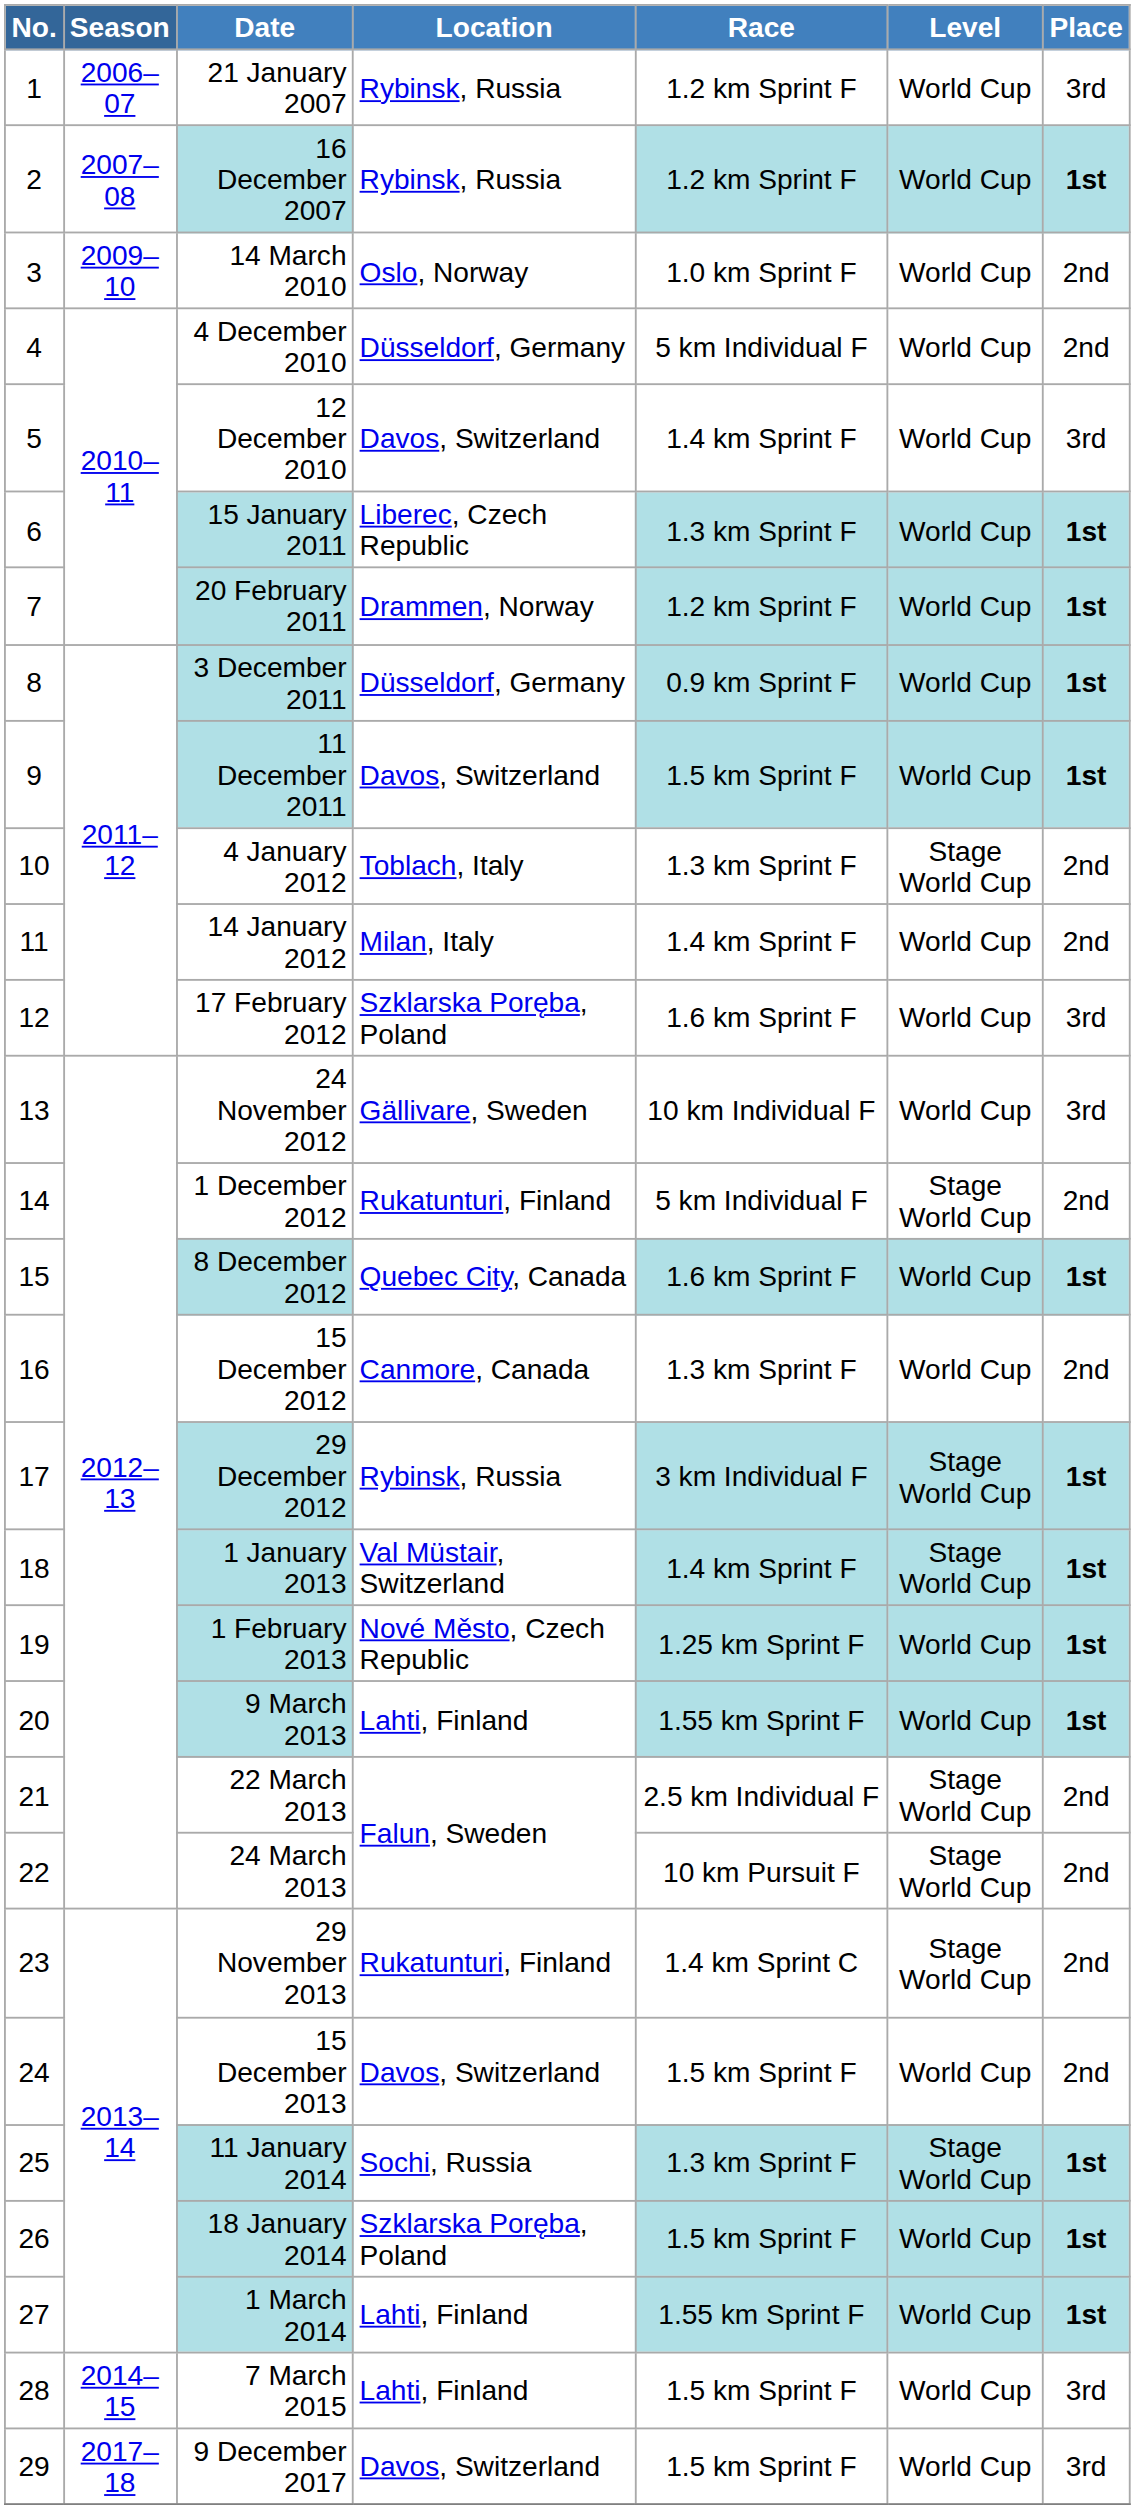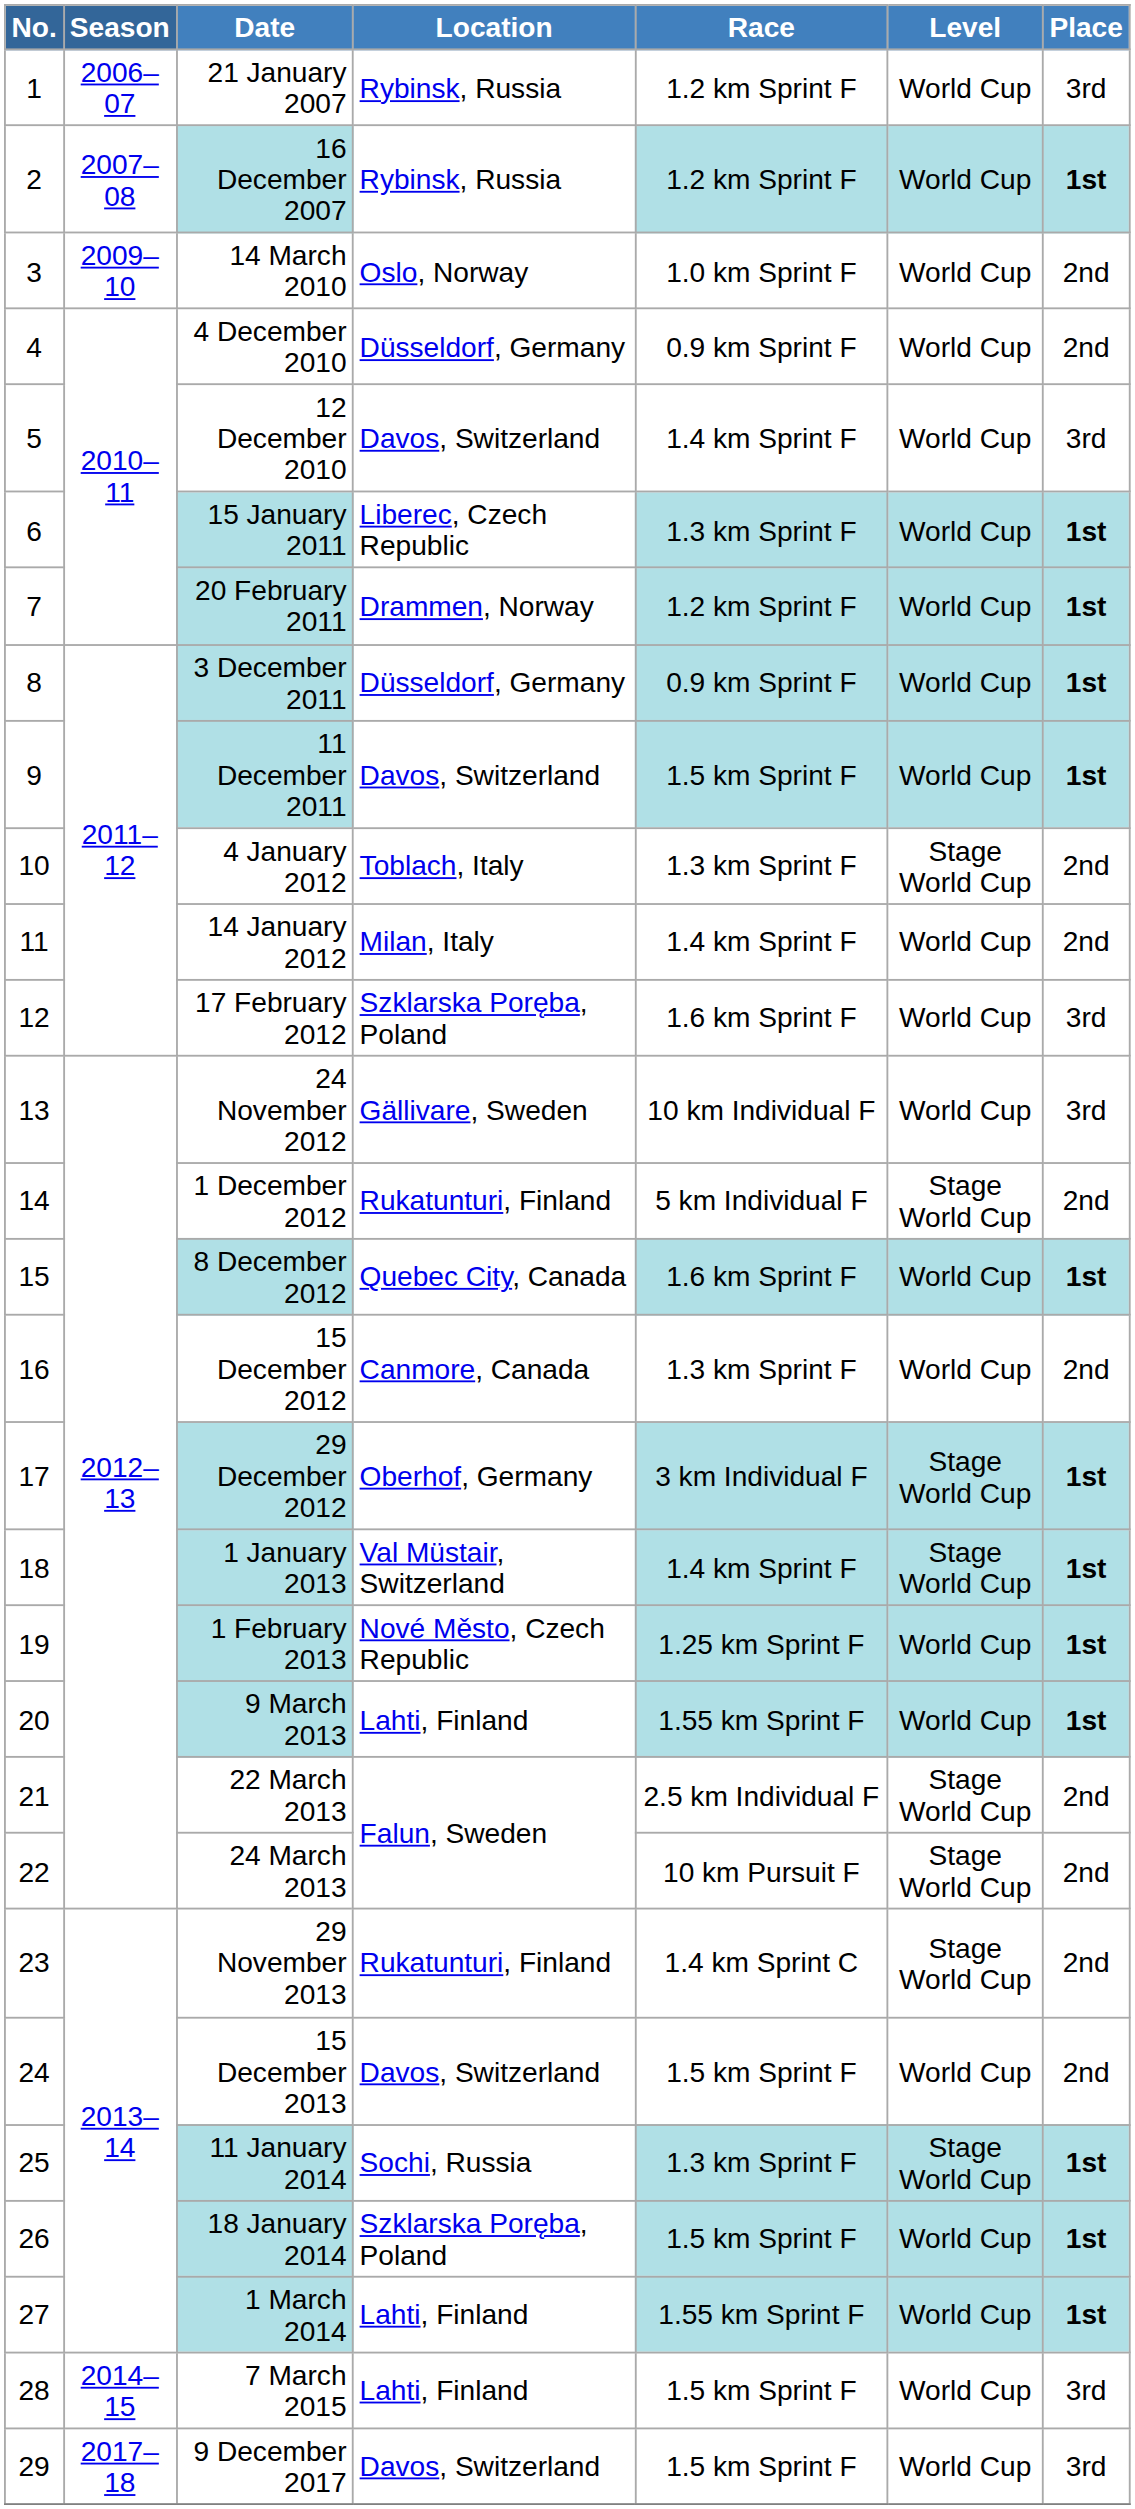 <table class="wikitable sortable" style="font-size:95%; text-align:center; border:grey solid 1px; border-collapse:collapse; background:#ffffff;">
 <tr style="background:#efefef;">
 <th style="background-color:#369; color:white;">No.</th>
 <th style="background-color:#369; color:white;">Season</th>
 <th style="background-color:#4180be; color:white; width:100px;">Date</th>
 <th style="background-color:#4180be; color:white; width:185px;">Location</th>
 <th style="background-color:#4180be; color:white; width:170px;">Race</th>
 <th style="background-color:#4180be; color:white; width:100px;">Level</th>
 <th style="background-color:#4180be; color:white;">Place</th>
 </tr>
 <tr>
 <td align=center>1</td>
 <td rowspan=1 align=center><a href='#'>2006–07</a></td>
 <td align=right>21 January 2007</td>
 <td align=left> <a href='#'>Rybinsk</a>, Russia</td>
 <td>1.2 km Sprint F</td>
 <td>World Cup</td>
 <td>3rd</td>
 </tr>
 <tr>
 <td align=center>2</td>
 <td rowspan=1 align=center><a href='#'>2007–08</a></td>
 <td bgcolor="#BOEOE6" align=right>16 December 2007</td>
 <td align=left> <a href='#'>Rybinsk</a>, Russia</td>
 <td bgcolor="#BOEOE6">1.2 km Sprint F</td>
 <td bgcolor="#BOEOE6">World Cup</td>
 <td bgcolor="#BOEOE6"><strong>1st</strong></td>
 </tr>
 <tr>
 <td align=center>3</td>
 <td rowspan=1 align=center><a href='#'>2009–10</a></td>
 <td align=right>14 March 2010</td>
 <td align=left> <a href='#'>Oslo</a>, Norway</td>
 <td>1.0 km Sprint F</td>
 <td>World Cup</td>
 <td>2nd</td>
 </tr>
 <tr>
 <td align=center>4</td>
 <td rowspan=4 align=center><a href='#'>2010–11</a></td>
 <td align=right>4 December 2010</td>
 <td align=left> <a href='#'>Düsseldorf</a>, Germany</td>
-<td>5 km Individual F</td>
+<td>0.9 km Sprint F</td>
 <td>World Cup</td>
 <td>2nd</td>
 </tr>
 <tr>
 <td align=center>5</td>
 <td align=right>12 December 2010</td>
 <td align=left> <a href='#'>Davos</a>, Switzerland</td>
 <td>1.4 km Sprint F</td>
 <td>World Cup</td>
 <td>3rd</td>
 </tr>
 <tr>
 <td align=center>6</td>
 <td bgcolor="#BOEOE6" align=right>15 January 2011</td>
 <td align=left> <a href='#'>Liberec</a>, Czech Republic</td>
 <td bgcolor="#BOEOE6">1.3 km Sprint F</td>
 <td bgcolor="#BOEOE6">World Cup</td>
 <td bgcolor="#BOEOE6"><strong>1st</strong></td>
 </tr>
 <tr>
 <td align=center>7</td>
 <td bgcolor="#BOEOE6" align=right>20 February 2011</td>
 <td align=left> <a href='#'>Drammen</a>, Norway</td>
 <td bgcolor="#BOEOE6">1.2 km Sprint F</td>
 <td bgcolor="#BOEOE6">World Cup</td>
 <td bgcolor="#BOEOE6"><strong>1st</strong></td>
 </tr>
 <tr>
 <td align=center>8</td>
 <td rowspan=5 align=center><a href='#'>2011–12</a></td>
 <td bgcolor="#BOEOE6" align=right>3 December 2011</td>
 <td align=left> <a href='#'>Düsseldorf</a>, Germany</td>
 <td bgcolor="#BOEOE6">0.9 km Sprint F</td>
 <td bgcolor="#BOEOE6">World Cup</td>
 <td bgcolor="#BOEOE6"><strong>1st</strong></td>
 </tr>
 <tr>
 <td align=center>9</td>
 <td bgcolor="#BOEOE6" align=right>11 December 2011</td>
 <td align=left> <a href='#'>Davos</a>, Switzerland</td>
 <td bgcolor="#BOEOE6">1.5 km Sprint F</td>
 <td bgcolor="#BOEOE6">World Cup</td>
 <td bgcolor="#BOEOE6"><strong>1st</strong></td>
 </tr>
 <tr>
 <td align=center>10</td>
 <td align=right>4 January 2012</td>
 <td align=left> <a href='#'>Toblach</a>, Italy</td>
 <td>1.3 km Sprint F</td>
 <td>Stage World Cup</td>
 <td>2nd</td>
 </tr>
 <tr>
 <td align=center>11</td>
 <td align=right>14 January 2012</td>
 <td align=left> <a href='#'>Milan</a>, Italy</td>
 <td>1.4 km Sprint F</td>
 <td>World Cup</td>
 <td>2nd</td>
 </tr>
 <tr>
 <td align=center>12</td>
 <td align=right>17 February 2012</td>
 <td align=left> <a href='#'>Szklarska Poręba</a>, Poland</td>
 <td>1.6 km Sprint F</td>
 <td>World Cup</td>
 <td>3rd</td>
 </tr>
 <tr>
 <td align=center>13</td>
 <td rowspan=10 align=center><a href='#'>2012–13</a></td>
 <td align=right>24 November 2012</td>
 <td align=left> <a href='#'>Gällivare</a>, Sweden</td>
 <td>10 km Individual F</td>
 <td>World Cup</td>
 <td>3rd</td>
 </tr>
 <tr>
 <td align=center>14</td>
 <td align=right>1 December 2012</td>
 <td align=left> <a href='#'>Rukatunturi</a>, Finland</td>
 <td>5 km Individual F</td>
 <td>Stage World Cup</td>
 <td>2nd</td>
 </tr>
 <tr>
 <td align=center>15</td>
 <td bgcolor="#BOEOE6" align=right>8 December 2012</td>
 <td align=left> <a href='#'>Quebec City</a>, Canada</td>
 <td bgcolor="#BOEOE6">1.6 km Sprint F</td>
 <td bgcolor="#BOEOE6">World Cup</td>
 <td bgcolor="#BOEOE6"><strong>1st</strong></td>
 </tr>
 <tr>
 <td align=center>16</td>
 <td align=right>15 December 2012</td>
 <td align=left> <a href='#'>Canmore</a>, Canada</td>
 <td>1.3 km Sprint F</td>
 <td>World Cup</td>
 <td>2nd</td>
 </tr>
 <tr>
 <td align=center>17</td>
 <td bgcolor="#BOEOE6" align=right>29 December 2012</td>
-<td align=left> <a href='#'>Rybinsk</a>, Russia</td>
+<td align=left> <a href='#'>Oberhof</a>, Germany</td>
 <td bgcolor="#BOEOE6">3 km Individual F</td>
 <td bgcolor="#BOEOE6">Stage World Cup</td>
 <td bgcolor="#BOEOE6"><strong>1st</strong></td>
 </tr>
 <tr>
 <td align=center>18</td>
 <td bgcolor="#BOEOE6" align=right>1 January 2013</td>
 <td align=left> <a href='#'>Val Müstair</a>, Switzerland</td>
 <td bgcolor="#BOEOE6">1.4 km Sprint F</td>
 <td bgcolor="#BOEOE6">Stage World Cup</td>
 <td bgcolor="#BOEOE6"><strong>1st</strong></td>
 </tr>
 <tr>
 <td align=center>19</td>
 <td bgcolor="#BOEOE6" align=right>1 February 2013</td>
 <td align=left> <a href='#'>Nové Město</a>, Czech Republic</td>
 <td bgcolor="#BOEOE6">1.25 km Sprint F</td>
 <td bgcolor="#BOEOE6">World Cup</td>
 <td bgcolor="#BOEOE6"><strong>1st</strong></td>
 </tr>
 <tr>
 <td align=center>20</td>
 <td bgcolor="#BOEOE6" align=right>9 March 2013</td>
 <td align=left> <a href='#'>Lahti</a>, Finland</td>
 <td bgcolor="#BOEOE6">1.55 km Sprint F</td>
 <td bgcolor="#BOEOE6">World Cup</td>
 <td bgcolor="#BOEOE6"><strong>1st</strong></td>
 </tr>
 <tr>
 <td align=center>21</td>
 <td align=right>22 March 2013</td>
 <td rowspan=2 align=left> <a href='#'>Falun</a>, Sweden</td>
 <td>2.5 km Individual F</td>
 <td>Stage World Cup</td>
 <td>2nd</td>
 </tr>
 <tr>
 <td align=center>22</td>
 <td align=right>24 March 2013</td>
 <td>10 km Pursuit F</td>
 <td>Stage World Cup</td>
 <td>2nd</td>
 </tr>
 <tr>
 <td align=center>23</td>
 <td rowspan=5 align=center><a href='#'>2013–14</a></td>
 <td align=right>29 November 2013</td>
 <td align=left> <a href='#'>Rukatunturi</a>, Finland</td>
 <td>1.4 km Sprint C</td>
 <td>Stage World Cup</td>
 <td>2nd</td>
 </tr>
 <tr>
 <td align=center>24</td>
 <td align=right>15 December 2013</td>
 <td align=left> <a href='#'>Davos</a>, Switzerland</td>
 <td>1.5 km Sprint F</td>
 <td>World Cup</td>
 <td>2nd</td>
 </tr>
 <tr>
 <td align=center>25</td>
 <td bgcolor="#BOEOE6" align=right>11 January 2014</td>
 <td align=left> <a href='#'>Sochi</a>, Russia</td>
 <td bgcolor="#BOEOE6">1.3 km Sprint F</td>
 <td bgcolor="#BOEOE6">Stage World Cup</td>
 <td bgcolor="#BOEOE6"><strong>1st</strong></td>
 </tr>
 <tr>
 <td align=center>26</td>
 <td bgcolor="#BOEOE6" align=right>18 January 2014</td>
 <td align=left> <a href='#'>Szklarska Poręba</a>, Poland</td>
 <td bgcolor="#BOEOE6">1.5 km Sprint F</td>
 <td bgcolor="#BOEOE6">World Cup</td>
 <td bgcolor="#BOEOE6"><strong>1st</strong></td>
 </tr>
 <tr>
 <td align=center>27</td>
 <td bgcolor="#BOEOE6" align=right>1 March 2014</td>
 <td align=left> <a href='#'>Lahti</a>, Finland</td>
 <td bgcolor="#BOEOE6">1.55 km Sprint F</td>
 <td bgcolor="#BOEOE6">World Cup</td>
 <td bgcolor="#BOEOE6"><strong>1st</strong></td>
 </tr>
 <tr>
 <td align=center>28</td>
 <td rowspan=1 align=center><a href='#'>2014–15</a></td>
 <td align=right>7 March 2015</td>
 <td align=left> <a href='#'>Lahti</a>, Finland</td>
 <td>1.5 km Sprint F</td>
 <td>World Cup</td>
 <td>3rd</td>
 </tr>
 <tr>
 <td align=center>29</td>
 <td rowspan=1 align=center><a href='#'>2017–18</a></td>
 <td align=right>9 December 2017</td>
 <td align=left> <a href='#'>Davos</a>, Switzerland</td>
 <td>1.5 km Sprint F</td>
 <td>World Cup</td>
 <td>3rd</td>
 </tr>
 <tr>
 </tr>
 </table>
